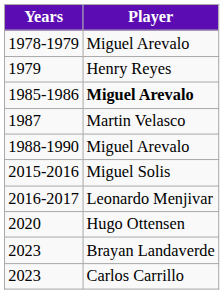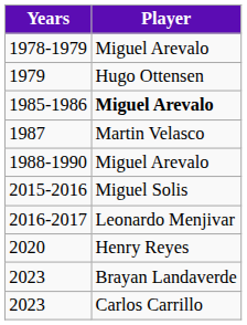 <table class="wikitable">
 <tr>
 <th style="color:White; background:#5B0CB3;">Years</th>
 <th style="color:White; background:#5B0CB3;">Player</th>
 </tr>
 <tr>
 <td>1978-1979</td>
 <td> Miguel Arevalo</td>
 </tr>
 <tr>
 <td>1979</td>
-<td> Henry Reyes</td>
+<td> Hugo Ottensen</td>
 </tr>
 <tr>
 <td>1985-1986</td>
 <td><strong> Miguel Arevalo</strong></td>
 </tr>
 <tr>
 <td>1987</td>
 <td> Martin Velasco</td>
 </tr>
 <tr>
 <td>1988-1990</td>
 <td> Miguel Arevalo</td>
 </tr>
 <tr>
 <td>2015-2016</td>
 <td> Miguel Solis</td>
 </tr>
 <tr>
 <td>2016-2017</td>
 <td> Leonardo Menjivar</td>
 </tr>
 <tr>
 <td>2020</td>
-<td> Hugo Ottensen</td>
+<td> Henry Reyes</td>
 </tr>
 <tr>
 <td>2023</td>
 <td> Brayan Landaverde</td>
 </tr>
 <tr>
 <td>2023</td>
 <td> Carlos Carrillo</td>
 </tr>
 </table>
